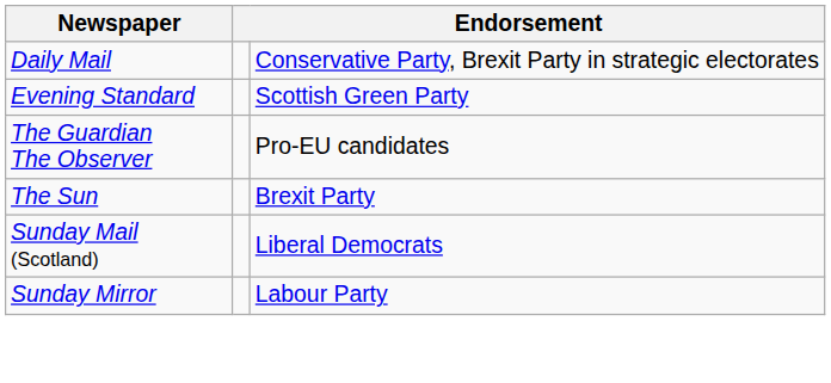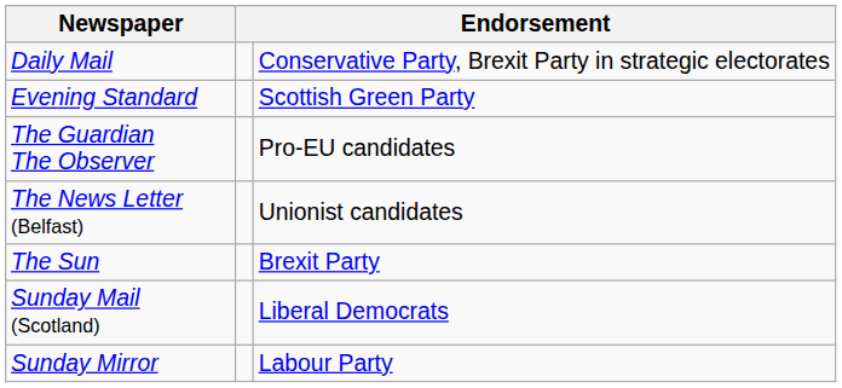 <table class="wikitable">
 <tr>
 <th style="width:150px;">Newspaper</th>
 <th colspan=2>Endorsement</th>
 </tr>
 <tr>
 <td><em><a href='#'>Daily Mail</a></em></td>
 <td style="background-color: "></td>
 <td><a href='#'>Conservative Party</a>, Brexit Party in strategic electorates</td>
 </tr>
 <tr>
 <td><em><a href='#'>Evening Standard</a></em></td>
 <td style="background-color: "></td>
 <td><a href='#'>Scottish Green Party</a></td>
 </tr>
 <tr>
 <td><em><a href='#'>The Guardian</a></em><br><em><a href='#'>The Observer</a></em></td>
 <td> </td>
 <td>Pro-EU candidates</td>
 </tr>
 <tr>
+<td><em><a href='#'>The News Letter</a></em> <small>(Belfast)</small></td>
+<td> </td>
+<td>Unionist candidates</td>
+</tr>
+<tr>
 <td><em><a href='#'>The Sun</a></em></td>
 <td style="background-color: "></td>
 <td><a href='#'>Brexit Party</a></td>
 </tr>
 <tr>
 <td><em><a href='#'>Sunday Mail</a></em> <small>(Scotland)</small></td>
 <td style="background-color: "></td>
 <td><a href='#'>Liberal Democrats</a></td>
 </tr>
 <tr>
 <td><em><a href='#'>Sunday Mirror</a></em></td>
 <td style="background-color: "></td>
 <td><a href='#'>Labour Party</a></td>
 </tr>
 </table>
